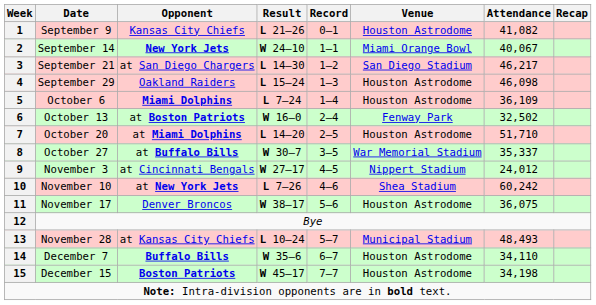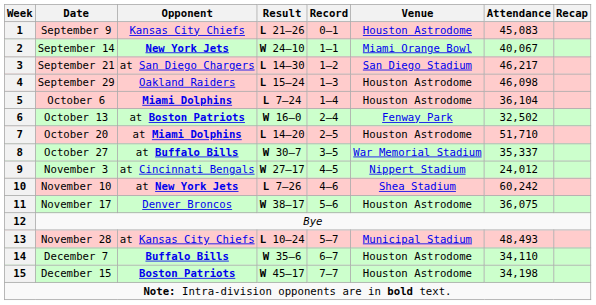 <table class="wikitable" style="text-align:center">
 <tr>
 <th>Week</th>
 <th>Date</th>
 <th>Opponent</th>
 <th>Result</th>
 <th>Record</th>
 <th>Venue</th>
 <th>Attendance</th>
 <th>Recap</th>
 </tr>
 <tr style="background: #fcc;">
 <th>1</th>
 <td>September 9</td>
 <td><a href='#'>Kansas City Chiefs</a></td>
 <td><strong>L</strong> 21–26</td>
 <td>0–1</td>
 <td><a href='#'>Houston Astrodome</a></td>
-<td>41,082</td>
+<td>45,083</td>
 <td></td>
 </tr>
 <tr style="background: #cfc;">
 <th>2</th>
 <td>September 14</td>
 <td><strong><a href='#'>New York Jets</a></strong></td>
 <td><strong>W</strong> 24–10</td>
 <td>1–1</td>
 <td><a href='#'>Miami Orange Bowl</a></td>
 <td>40,067</td>
 <td></td>
 </tr>
 <tr style="background: #fcc;">
 <th>3</th>
 <td>September 21</td>
 <td>at <a href='#'>San Diego Chargers</a></td>
 <td><strong>L</strong> 14–30</td>
 <td>1–2</td>
 <td><a href='#'>San Diego Stadium</a></td>
 <td>46,217</td>
 <td></td>
 </tr>
 <tr style="background: #fcc;">
 <th>4</th>
 <td>September 29</td>
 <td><a href='#'>Oakland Raiders</a></td>
 <td><strong>L</strong> 15–24</td>
 <td>1–3</td>
 <td>Houston Astrodome</td>
 <td>46,098</td>
 <td></td>
 </tr>
 <tr style="background: #fcc;">
 <th>5</th>
 <td>October 6</td>
 <td><strong><a href='#'>Miami Dolphins</a></strong></td>
 <td><strong>L</strong> 7–24</td>
 <td>1–4</td>
 <td>Houston Astrodome</td>
-<td>36,109</td>
+<td>36,104</td>
 <td></td>
 </tr>
 <tr style="background: #cfc;">
 <th>6</th>
 <td>October 13</td>
 <td>at <strong><a href='#'>Boston Patriots</a></strong></td>
 <td><strong>W</strong> 16–0</td>
 <td>2–4</td>
 <td><a href='#'>Fenway Park</a></td>
 <td>32,502</td>
 <td></td>
 </tr>
 <tr style="background: #fcc;">
 <th>7</th>
 <td>October 20</td>
 <td>at <strong><a href='#'>Miami Dolphins</a></strong></td>
 <td><strong>L</strong> 14–20</td>
 <td>2–5</td>
 <td>Houston Astrodome</td>
 <td>51,710</td>
 <td></td>
 </tr>
 <tr style="background: #cfc;">
 <th>8</th>
 <td>October 27</td>
 <td>at <strong><a href='#'>Buffalo Bills</a></strong></td>
 <td><strong>W</strong> 30–7</td>
 <td>3–5</td>
 <td><a href='#'>War Memorial Stadium</a></td>
 <td>35,337</td>
 <td></td>
 </tr>
 <tr style="background: #cfc;">
 <th>9</th>
 <td>November 3</td>
 <td>at <a href='#'>Cincinnati Bengals</a></td>
 <td><strong>W</strong> 27–17</td>
 <td>4–5</td>
 <td><a href='#'>Nippert Stadium</a></td>
 <td>24,012</td>
 <td></td>
 </tr>
 <tr style="background: #fcc;">
 <th>10</th>
 <td>November 10</td>
 <td>at <strong><a href='#'>New York Jets</a></strong></td>
 <td><strong>L</strong> 7–26</td>
 <td>4–6</td>
 <td><a href='#'>Shea Stadium</a></td>
 <td>60,242</td>
 <td></td>
 </tr>
 <tr style="background: #cfc;">
 <th>11</th>
 <td>November 17</td>
 <td><a href='#'>Denver Broncos</a></td>
 <td><strong>W</strong> 38–17</td>
 <td>5–6</td>
 <td>Houston Astrodome</td>
 <td>36,075</td>
 <td></td>
 </tr>
 <tr>
 <th>12</th>
 <td colspan=7 align=center><em>Bye</em></td>
 </tr>
 <tr style="background: #fcc;">
 <th>13</th>
 <td>November 28</td>
 <td>at <a href='#'>Kansas City Chiefs</a></td>
 <td><strong>L</strong> 10–24</td>
 <td>5–7</td>
 <td><a href='#'>Municipal Stadium</a></td>
 <td>48,493</td>
 <td></td>
 </tr>
 <tr style="background: #cfc;">
 <th>14</th>
 <td>December 7</td>
 <td><strong><a href='#'>Buffalo Bills</a></strong></td>
 <td><strong>W</strong> 35–6</td>
 <td>6–7</td>
 <td>Houston Astrodome</td>
 <td>34,110</td>
 <td></td>
 </tr>
 <tr style="background: #cfc;">
 <th>15</th>
 <td>December 15</td>
 <td><strong><a href='#'>Boston Patriots</a></strong></td>
 <td><strong>W</strong> 45–17</td>
 <td>7–7</td>
 <td>Houston Astrodome</td>
 <td>34,198</td>
 <td></td>
 </tr>
 <tr>
 <td colspan="8"><strong>Note:</strong> Intra-division opponents are in <strong>bold</strong> text.</td>
 </tr>
 </table>
